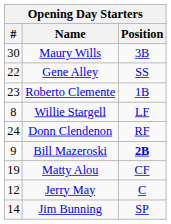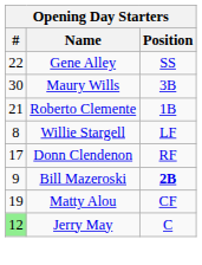 <table class="wikitable" style="text-align:center">
 <tr>
 <th colspan="3">Opening Day Starters</th>
 </tr>
 <tr>
 <th>#</th>
 <th>Name</th>
 <th>Position</th>
 </tr>
 <tr>
+<td>22</td>
+<td><a href='#'>Gene Alley</a></td>
+<td><a href='#'>SS</a></td>
+</tr>
+<tr>
 <td>30</td>
 <td><a href='#'>Maury Wills</a></td>
 <td><a href='#'>3B</a></td>
 </tr>
 <tr>
-<td>22</td>
-<td><a href='#'>Gene Alley</a></td>
-<td><a href='#'>SS</a></td>
-</tr>
-<tr>
-<td>23</td>
+<td>21</td>
 <td><a href='#'>Roberto Clemente</a></td>
 <td><a href='#'>1B</a></td>
 </tr>
 <tr>
 <td>8</td>
 <td><a href='#'>Willie Stargell</a></td>
 <td><a href='#'>LF</a></td>
 </tr>
 <tr>
-<td>24</td>
+<td>17</td>
 <td><a href='#'>Donn Clendenon</a></td>
 <td><a href='#'>RF</a></td>
 </tr>
 <tr>
 <td>9</td>
 <td><a href='#'>Bill Mazeroski</a></td>
 <td><strong><a href='#'>2B</a></strong></td>
 </tr>
 <tr>
 <td>19</td>
 <td><a href='#'>Matty Alou</a></td>
 <td><a href='#'>CF</a></td>
 </tr>
 <tr>
-<td>12</td>
+<td style="background: lightgreen;">12</td>
 <td><a href='#'>Jerry May</a></td>
 <td><a href='#'>C</a></td>
 </tr>
-<tr>
-<td>14</td>
-<td><a href='#'>Jim Bunning</a></td>
-<td><a href='#'>SP</a></td>
-</tr>
 </table>
